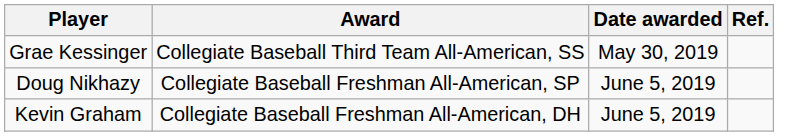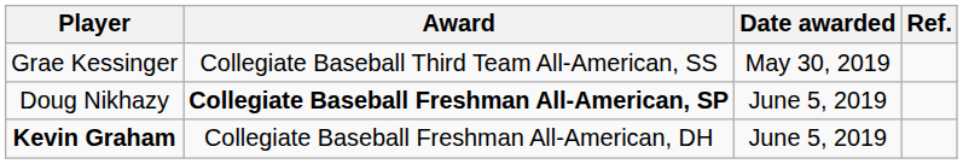 <table class="wikitable sortable sortable" style="text-align: center">
 <tr align=center>
 <th>Player</th>
 <th>Award</th>
 <th>Date awarded</th>
 <th>Ref.</th>
 </tr>
 <tr>
 <td>Grae Kessinger</td>
 <td rowspan="1">Collegiate Baseball Third Team All-American, SS</td>
 <td rowspan="1">May 30, 2019</td>
 <td rowspan="1"></td>
 </tr>
 <tr>
 <td>Doug Nikhazy</td>
-<td rowspan="1">Collegiate Baseball Freshman All-American, SP</td>
+<td rowspan="1"><strong>Collegiate Baseball Freshman All-American, SP</strong></td>
 <td rowspan="1">June 5, 2019</td>
 <td rowspan="1"></td>
 </tr>
 <tr>
-<td>Kevin Graham</td>
+<td><strong>Kevin Graham</strong></td>
 <td rowspan="1">Collegiate Baseball Freshman All-American, DH</td>
 <td rowspan="1">June 5, 2019</td>
 <td rowspan="1"></td>
 </tr>
 </table>
